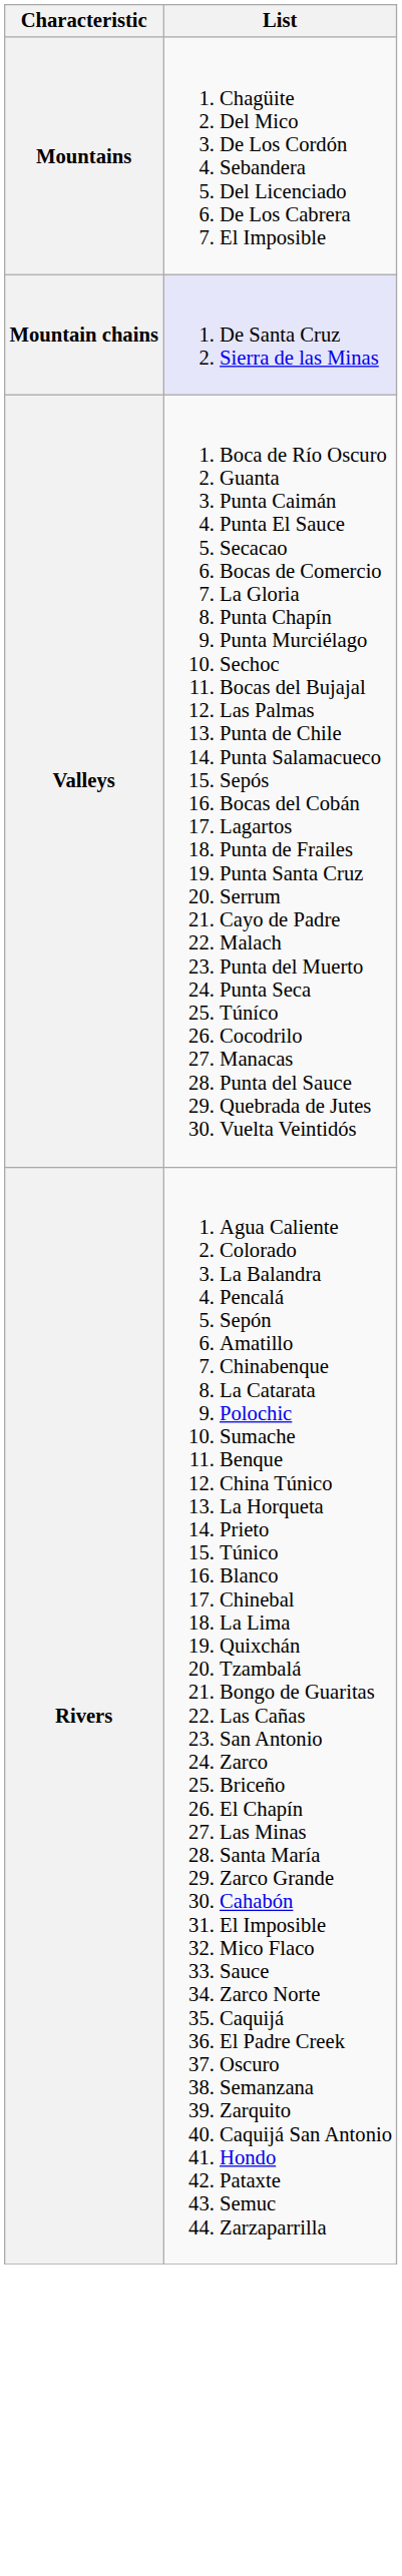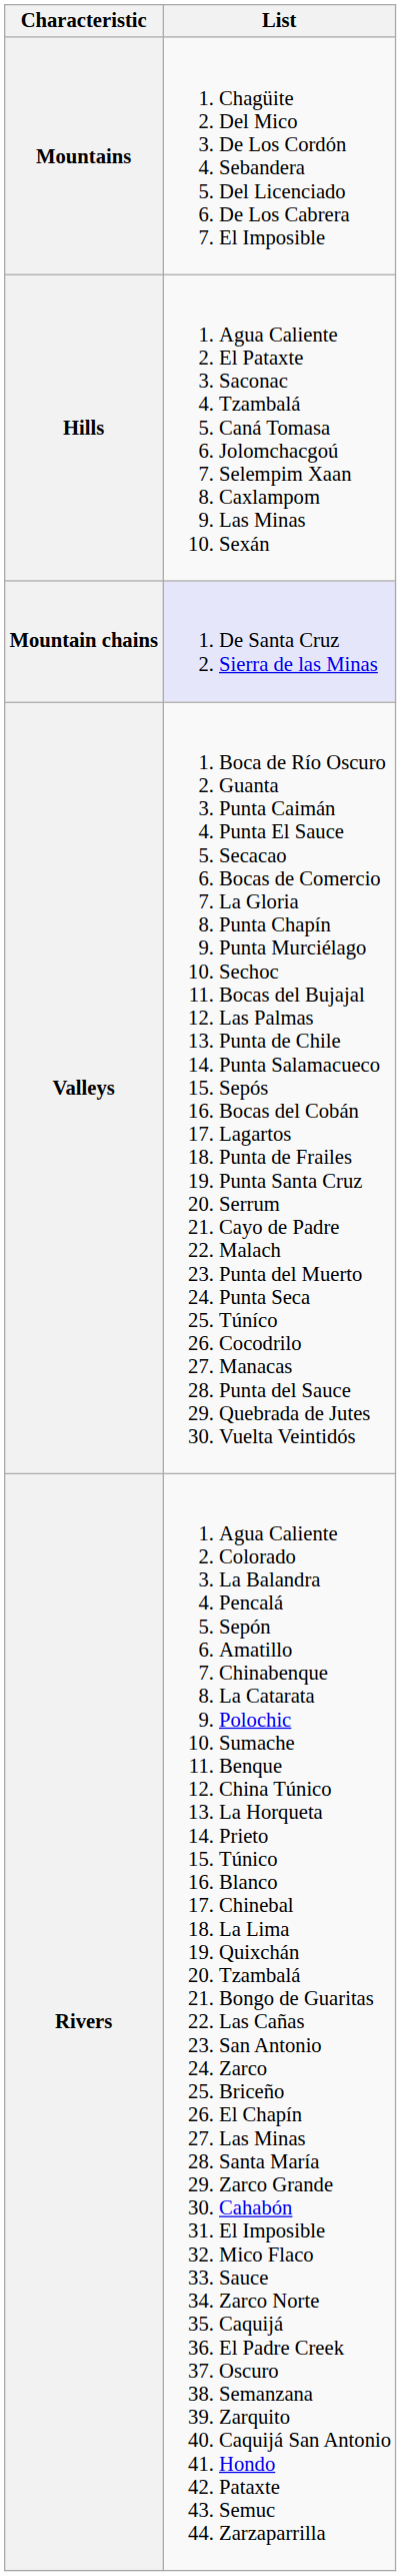 <table class="wikitable">
 <tr>
 <th>Characteristic</th>
 <th>List</th>
 </tr>
 <tr>
 <th>Mountains</th>
 <td><br><ol><li>Chagüite</li><li>Del Mico</li><li>De Los Cordón</li><li>Sebandera</li><li>Del Licenciado</li><li>De Los Cabrera</li><li>El Imposible</li></ol></td>
+</tr>
+<tr>
+<th>Hills</th>
+<td><br><ol><li>Agua Caliente</li><li>El Pataxte</li><li>Saconac</li><li>Tzambalá</li><li>Caná Tomasa</li><li>Jolomchacgoú</li><li>Selempim Xaan</li><li>Caxlampom</li><li>Las Minas</li><li>Sexán</li></ol></td>
 </tr>
 <tr>
 <th>Mountain chains</th>
 <td style="background: lavender;"><br><ol><li>De Santa Cruz</li><li><a href='#'>Sierra de las Minas</a></li></ol></td>
 </tr>
 <tr>
 <th>Valleys</th>
 <td><br><ol><li>Boca de Río Oscuro</li><li>Guanta</li><li>Punta Caimán</li><li>Punta El Sauce</li><li>Secacao</li><li>Bocas de Comercio</li><li>La Gloria</li><li>Punta Chapín</li><li>Punta Murciélago</li><li>Sechoc</li><li>Bocas del Bujajal</li><li>Las Palmas</li><li>Punta de Chile</li><li>Punta Salamacueco</li><li>Sepós</li><li>Bocas del Cobán</li><li>Lagartos</li><li>Punta de Frailes</li><li>Punta Santa Cruz</li><li>Serrum</li><li>Cayo de Padre</li><li>Malach</li><li>Punta del Muerto</li><li>Punta Seca</li><li>Túníco</li><li>Cocodrilo</li><li>Manacas</li><li>Punta del Sauce</li><li>Quebrada de Jutes</li><li>Vuelta Veintidós</li></ol></td>
 </tr>
 <tr>
 <th>Rivers</th>
 <td><br><ol><li>Agua Caliente</li><li>Colorado</li><li>La Balandra</li><li>Pencalá</li><li>Sepón</li><li>Amatillo</li><li>Chinabenque</li><li>La Catarata</li><li><a href='#'>Polochic</a></li><li>Sumache</li><li>Benque</li><li>China Túnico</li><li>La Horqueta</li><li>Prieto</li><li>Túnico</li><li>Blanco</li><li>Chinebal</li><li>La Lima</li><li>Quixchán</li><li>Tzambalá</li><li>Bongo de Guaritas</li><li>Las Cañas</li><li>San Antonio</li><li>Zarco</li><li>Briceño</li><li>El Chapín</li><li>Las Minas</li><li>Santa María</li><li>Zarco Grande</li><li><a href='#'>Cahabón</a></li><li>El Imposible</li><li>Mico Flaco</li><li>Sauce</li><li>Zarco Norte</li><li>Caquijá</li><li>El Padre Creek</li><li>Oscuro</li><li>Semanzana</li><li>Zarquito</li><li>Caquijá San Antonio</li><li><a href='#'>Hondo</a></li><li>Pataxte</li><li>Semuc</li><li>Zarzaparrilla</li></ol></td>
 </tr>
 </table>
